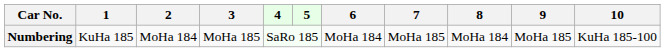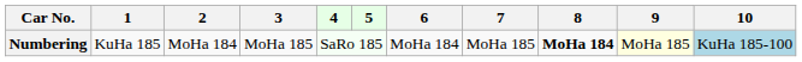 <table class="wikitable">
 <tr>
 <th>Car No.</th>
 <th>1</th>
 <th>2</th>
 <th>3</th>
 <th style="background: #E6FFE6">4</th>
 <th style="background: #E6FFE6">5</th>
 <th>6</th>
 <th>7</th>
 <th>8</th>
 <th>9</th>
 <th>10</th>
 </tr>
 <tr>
 <th>Numbering</th>
 <td>KuHa 185</td>
 <td>MoHa 184</td>
 <td>MoHa 185</td>
 <td colspan="2" style="background: #F5FFF5">SaRo 185</td>
 <td>MoHa 184</td>
 <td>MoHa 185</td>
-<td>MoHa 184</td>
-<td>MoHa 185</td>
-<td>KuHa 185-100</td>
+<td><strong>MoHa 184</strong></td>
+<td style="background: lightyellow;">MoHa 185</td>
+<td style="background: lightblue;">KuHa 185-100</td>
 </tr>
 </table>
